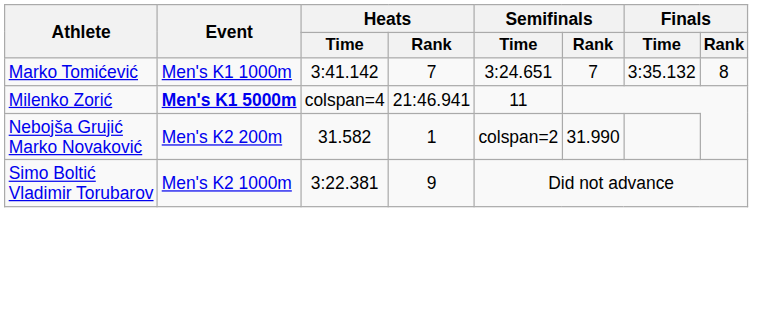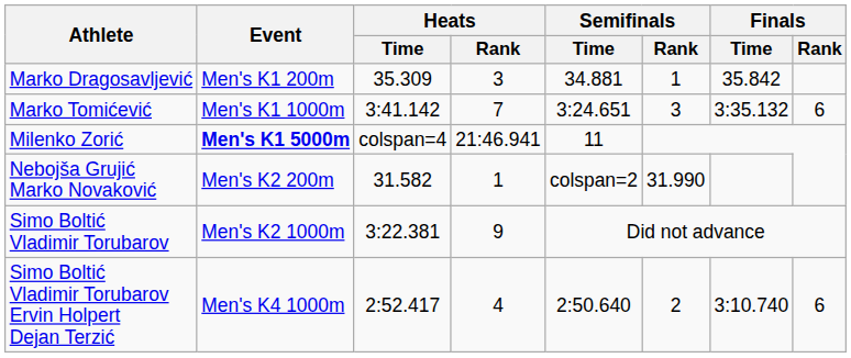 <table class="wikitable" style="font-size:90%">
 <tr>
 <th rowspan="2">Athlete</th>
 <th rowspan="2">Event</th>
 <th colspan=2>Heats</th>
 <th colspan=2>Semifinals</th>
 <th colspan=2>Finals</th>
 </tr>
 <tr style="font-size:95%">
 <th>Time</th>
 <th>Rank</th>
 <th>Time</th>
 <th>Rank</th>
 <th>Time</th>
 <th>Rank</th>
 </tr>
 <tr align=center>
+<td align=left><a href='#'>Marko Dragosavljević</a></td>
+<td align=left><a href='#'>Men's K1 200m</a></td>
+<td>35.309</td>
+<td>3</td>
+<td>34.881</td>
+<td>1</td>
+<td>35.842</td>
+<td></td>
+</tr>
+<tr align=center>
 <td align=left><a href='#'>Marko Tomićević</a></td>
 <td align=left><a href='#'>Men's K1 1000m</a></td>
 <td>3:41.142</td>
 <td>7</td>
 <td>3:24.651</td>
-<td>7</td>
+<td>3</td>
 <td>3:35.132</td>
-<td>8</td>
+<td>6</td>
 </tr>
 <tr align=center>
 <td align=left><a href='#'>Milenko Zorić</a></td>
 <td align=left><strong><a href='#'>Men's K1 5000m</a></strong></td>
 <td>colspan=4 </td>
 <td>21:46.941</td>
 <td>11</td>
 </tr>
 <tr align=center>
 <td align=left><a href='#'>Nebojša Grujić</a><br><a href='#'>Marko Novaković</a></td>
 <td align=left><a href='#'>Men's K2 200m</a></td>
 <td>31.582</td>
 <td>1</td>
 <td>colspan=2 </td>
 <td>31.990</td>
 <td></td>
 </tr>
 <tr align=center>
 <td align=left><a href='#'>Simo Boltić</a><br><a href='#'>Vladimir Torubarov</a></td>
 <td align=left><a href='#'>Men's K2 1000m</a></td>
 <td>3:22.381</td>
 <td>9</td>
 <td colspan=4 align=center>Did not advance</td>
 </tr>
+<tr align=center>
+<td align=left><a href='#'>Simo Boltić</a><br><a href='#'>Vladimir Torubarov</a><br><a href='#'>Ervin Holpert</a><br><a href='#'>Dejan Terzić</a></td>
+<td align=left><a href='#'>Men's K4 1000m</a></td>
+<td>2:52.417</td>
+<td>4</td>
+<td>2:50.640</td>
+<td>2</td>
+<td>3:10.740</td>
+<td>6</td>
+</tr>
 </table>
